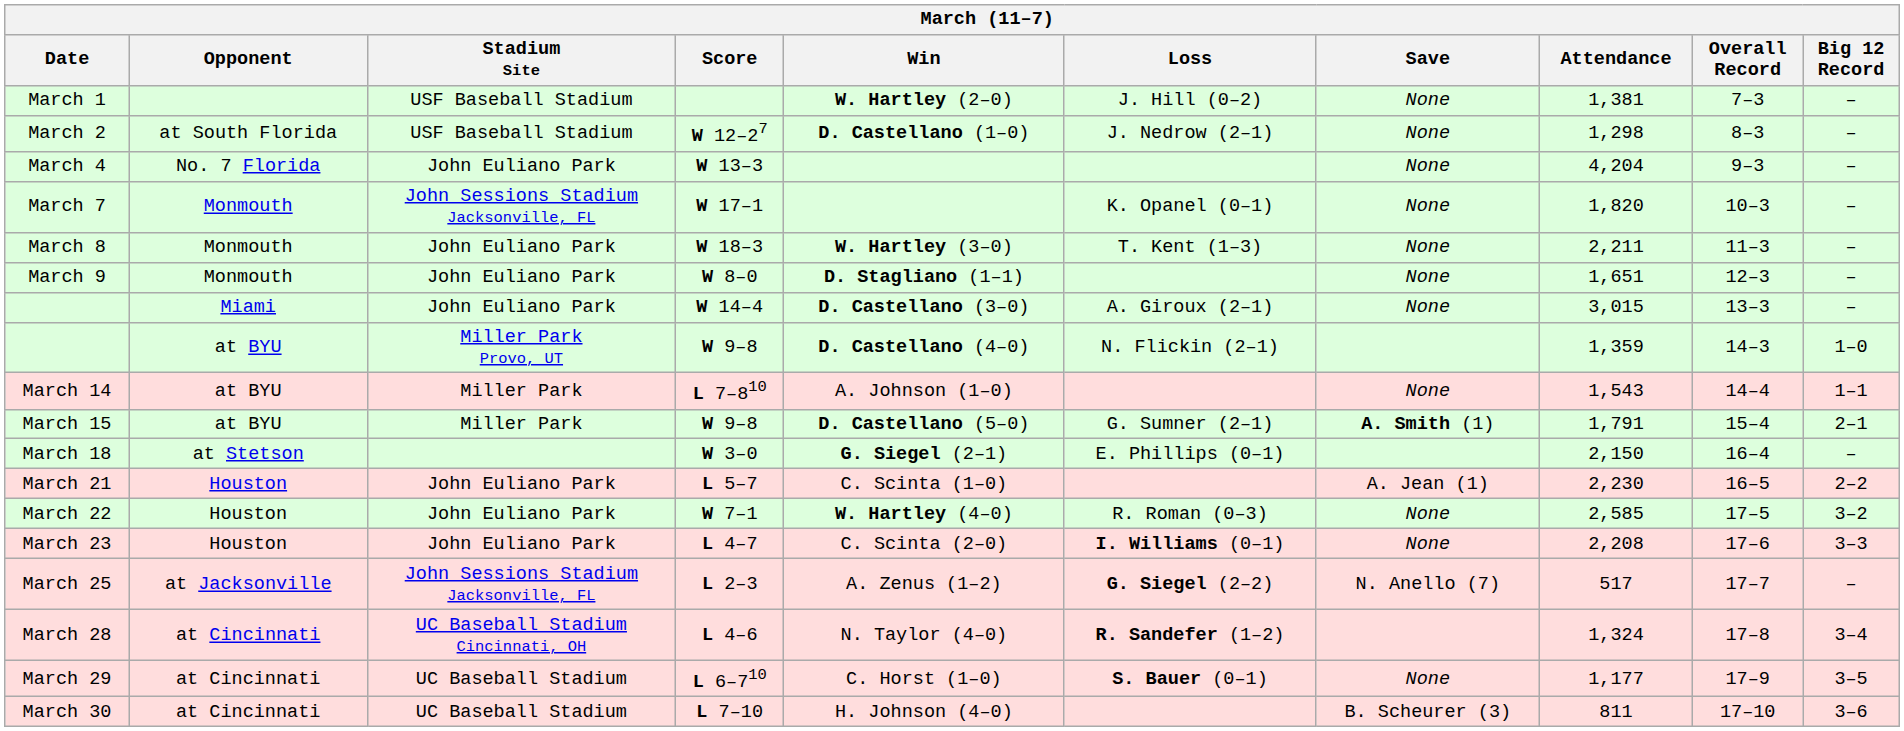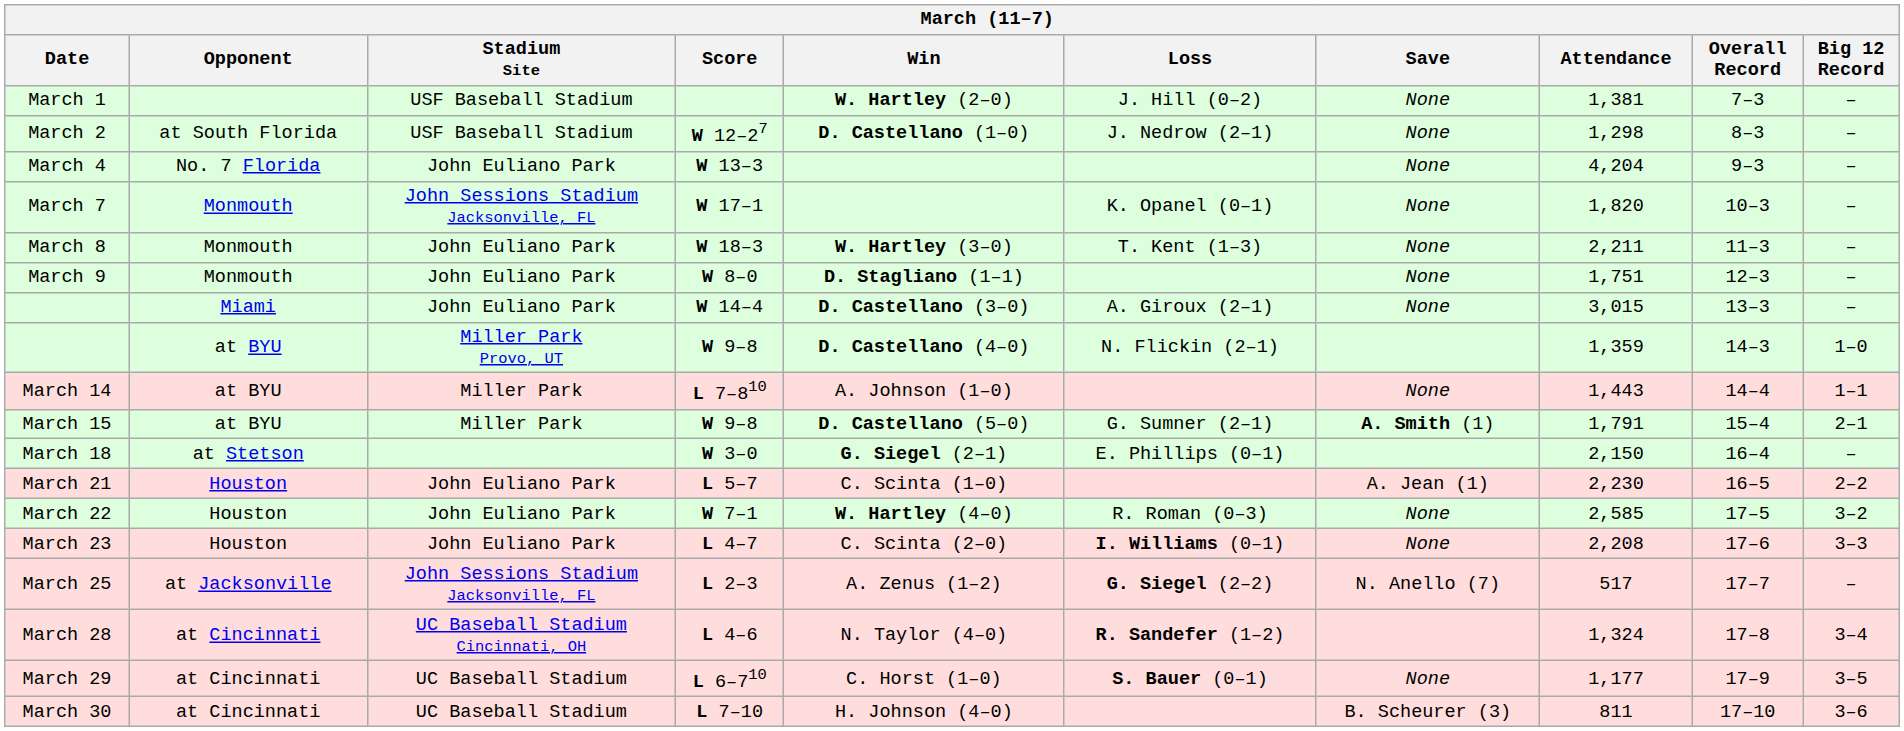 <table class="wikitable collapsible collapsed" style="margin:auto; width:100%; text-align:center; font-size:95%">
 <tr>
 <th colspan=12 style="padding-left:4em;">March (11–7)</th>
 </tr>
 <tr>
 <th>Date</th>
 <th>Opponent</th>
 <th>Stadium<br><small>Site</small></th>
 <th>Score</th>
 <th>Win</th>
 <th>Loss</th>
 <th>Save</th>
 <th>Attendance</th>
 <th>Overall<br>Record</th>
 <th>Big 12<br>Record</th>
 </tr>
 <tr align="center" bgcolor="ddffdd">
 <td>March 1</td>
 <td></td>
 <td>USF Baseball Stadium</td>
 <td></td>
 <td><strong>W. Hartley</strong> (2–0)</td>
 <td>J. Hill (0–2)</td>
 <td><em>None</em></td>
 <td>1,381</td>
 <td>7–3</td>
 <td>–</td>
 </tr>
 <tr align="center" bgcolor="ddffdd">
 <td>March 2</td>
 <td>at South Florida</td>
 <td>USF Baseball Stadium</td>
 <td><strong>W</strong> 12–2<sup>7</sup></td>
 <td><strong>D. Castellano</strong> (1–0)</td>
 <td>J. Nedrow (2–1)</td>
 <td><em>None</em></td>
 <td>1,298</td>
 <td>8–3</td>
 <td>–</td>
 </tr>
 <tr align="center" bgcolor="ddffdd">
 <td>March 4</td>
 <td>No. 7 <a href='#'>Florida</a></td>
 <td>John Euliano Park</td>
 <td><strong>W</strong> 13–3</td>
 <td></td>
 <td></td>
 <td><em>None</em></td>
 <td>4,204</td>
 <td>9–3</td>
 <td>–</td>
 </tr>
 <tr align="center" bgcolor="ddffdd">
 <td>March 7</td>
 <td><a href='#'>Monmouth</a></td>
 <td><a href='#'>John Sessions Stadium</a><br><small><a href='#'>Jacksonville, FL</a></small></td>
 <td><strong>W</strong> 17–1</td>
 <td></td>
 <td>K. Opanel (0–1)</td>
 <td><em>None</em></td>
 <td>1,820</td>
 <td>10–3</td>
 <td>–</td>
 </tr>
 <tr align="center" bgcolor="ddffdd">
 <td>March 8</td>
 <td>Monmouth</td>
 <td>John Euliano Park</td>
 <td><strong>W</strong> 18–3</td>
 <td><strong>W. Hartley</strong> (3–0)</td>
 <td>T. Kent (1–3)</td>
 <td><em>None</em></td>
 <td>2,211</td>
 <td>11–3</td>
 <td>–</td>
 </tr>
 <tr align="center" bgcolor="ddffdd">
 <td>March 9</td>
 <td>Monmouth</td>
 <td>John Euliano Park</td>
 <td><strong>W</strong> 8–0</td>
 <td><strong>D. Stagliano</strong> (1–1)</td>
 <td></td>
 <td><em>None</em></td>
-<td>1,651</td>
+<td>1,751</td>
 <td>12–3</td>
 <td>–</td>
 </tr>
 <tr align="center" bgcolor="ddffdd">
 <td></td>
 <td><a href='#'>Miami</a></td>
 <td>John Euliano Park</td>
 <td><strong>W</strong> 14–4</td>
 <td><strong>D. Castellano</strong> (3–0)</td>
 <td>A. Giroux (2–1)</td>
 <td><em>None</em></td>
 <td>3,015</td>
 <td>13–3</td>
 <td>–</td>
 </tr>
 <tr align="center" bgcolor="ddffdd">
 <td></td>
 <td>at <a href='#'>BYU</a></td>
 <td><a href='#'>Miller Park</a><br><small><a href='#'>Provo, UT</a></small></td>
 <td><strong>W</strong> 9–8</td>
 <td><strong>D. Castellano</strong> (4–0)</td>
 <td>N. Flickin (2–1)</td>
 <td></td>
 <td>1,359</td>
 <td>14–3</td>
 <td>1–0</td>
 </tr>
 <tr align="center" bgcolor="ffdddd">
 <td>March 14</td>
 <td>at BYU</td>
 <td>Miller Park</td>
 <td><strong>L</strong> 7–8<sup>10</sup></td>
 <td>A. Johnson (1–0)</td>
 <td></td>
 <td><em>None</em></td>
-<td>1,543</td>
+<td>1,443</td>
 <td>14–4</td>
 <td>1–1</td>
 </tr>
 <tr align="center" bgcolor="ddffdd">
 <td>March 15</td>
 <td>at BYU</td>
 <td>Miller Park</td>
 <td><strong>W</strong> 9–8</td>
 <td><strong>D. Castellano</strong> (5–0)</td>
 <td>G. Sumner (2–1)</td>
 <td><strong>A. Smith</strong> (1)</td>
 <td>1,791</td>
 <td>15–4</td>
 <td>2–1</td>
 </tr>
 <tr align="center" bgcolor="ddffdd">
 <td>March 18</td>
 <td>at <a href='#'>Stetson</a></td>
 <td></td>
 <td><strong>W</strong> 3–0</td>
 <td><strong>G. Siegel</strong> (2–1)</td>
 <td>E. Phillips (0–1)</td>
 <td></td>
 <td>2,150</td>
 <td>16–4</td>
 <td>–</td>
 </tr>
 <tr align="center" bgcolor="ffdddd">
 <td>March 21</td>
 <td><a href='#'>Houston</a></td>
 <td>John Euliano Park</td>
 <td><strong>L</strong> 5–7</td>
 <td>C. Scinta (1–0)</td>
 <td></td>
 <td>A. Jean (1)</td>
 <td>2,230</td>
 <td>16–5</td>
 <td>2–2</td>
 </tr>
 <tr align="center" bgcolor="ddffdd">
 <td>March 22</td>
 <td>Houston</td>
 <td>John Euliano Park</td>
 <td><strong>W</strong> 7–1</td>
 <td><strong>W. Hartley</strong> (4–0)</td>
 <td>R. Roman (0–3)</td>
 <td><em>None</em></td>
 <td>2,585</td>
 <td>17–5</td>
 <td>3–2</td>
 </tr>
 <tr align="center" bgcolor="ffdddd">
 <td>March 23</td>
 <td>Houston</td>
 <td>John Euliano Park</td>
 <td><strong>L</strong> 4–7</td>
 <td>C. Scinta (2–0)</td>
 <td><strong>I. Williams</strong> (0–1)</td>
 <td><em>None</em></td>
 <td>2,208</td>
 <td>17–6</td>
 <td>3–3</td>
 </tr>
 <tr align="center" bgcolor="ffdddd">
 <td>March 25</td>
 <td>at <a href='#'>Jacksonville</a></td>
 <td><a href='#'>John Sessions Stadium</a><br><small><a href='#'>Jacksonville, FL</a></small></td>
 <td><strong>L</strong> 2–3</td>
 <td>A. Zenus (1–2)</td>
 <td><strong>G. Siegel</strong> (2–2)</td>
 <td>N. Anello (7)</td>
 <td>517</td>
 <td>17–7</td>
 <td>–</td>
 </tr>
 <tr align="center" bgcolor="ffdddd">
 <td>March 28</td>
 <td>at <a href='#'>Cincinnati</a></td>
 <td><a href='#'>UC Baseball Stadium</a><br><small><a href='#'>Cincinnati, OH</a></small></td>
 <td><strong>L</strong> 4–6</td>
 <td>N. Taylor (4–0)</td>
 <td><strong>R. Sandefer</strong> (1–2)</td>
 <td></td>
 <td>1,324</td>
 <td>17–8</td>
 <td>3–4</td>
 </tr>
 <tr align="center" bgcolor="ffdddd">
 <td>March 29</td>
 <td>at Cincinnati</td>
 <td>UC Baseball Stadium</td>
 <td><strong>L</strong> 6–7<sup>10</sup></td>
 <td>C. Horst (1–0)</td>
 <td><strong>S. Bauer</strong> (0–1)</td>
 <td><em>None</em></td>
 <td>1,177</td>
 <td>17–9</td>
 <td>3–5</td>
 </tr>
 <tr align="center" bgcolor="ffdddd">
 <td>March 30</td>
 <td>at Cincinnati</td>
 <td>UC Baseball Stadium</td>
 <td><strong>L</strong> 7–10</td>
 <td>H. Johnson (4–0)</td>
 <td></td>
 <td>B. Scheurer (3)</td>
 <td>811</td>
 <td>17–10</td>
 <td>3–6</td>
 </tr>
 </table>
